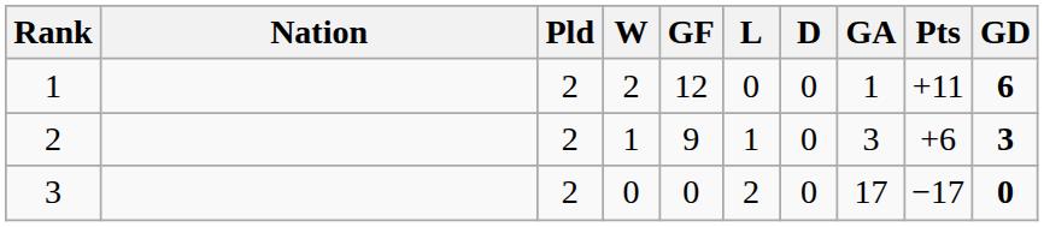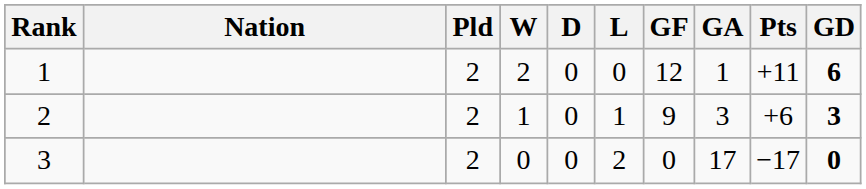 <table class="wikitable" style="text-align: center;">
 <tr>
 <th width=5>Rank</th>
 <th width=200>Nation</th>
 <th width=20>Pld</th>
 <th width=20>W</th>
+<th width=20>D</th>
+<th width=20>L</th>
 <th width=20>GF</th>
-<th width=20>L</th>
-<th width=20>D</th>
 <th width=20>GA</th>
 <th width=20>Pts</th>
 <th width=20>GD</th>
 </tr>
 <tr>
 <td>1</td>
 <td style="text-align:left"></td>
 <td>2</td>
 <td>2</td>
-<td>12</td>
 <td>0</td>
 <td>0</td>
+<td>12</td>
 <td>1</td>
 <td>+11</td>
 <td><strong>6</strong></td>
 </tr>
 <tr>
 <td>2</td>
 <td style="text-align:left"></td>
 <td>2</td>
 <td>1</td>
+<td>0</td>
+<td>1</td>
 <td>9</td>
-<td>1</td>
-<td>0</td>
 <td>3</td>
 <td>+6</td>
 <td><strong>3</strong></td>
 </tr>
 <tr>
 <td>3</td>
 <td style="text-align:left"></td>
 <td>2</td>
 <td>0</td>
 <td>0</td>
 <td>2</td>
 <td>0</td>
 <td>17</td>
 <td>−17</td>
 <td><strong>0</strong></td>
 </tr>
 </table>
